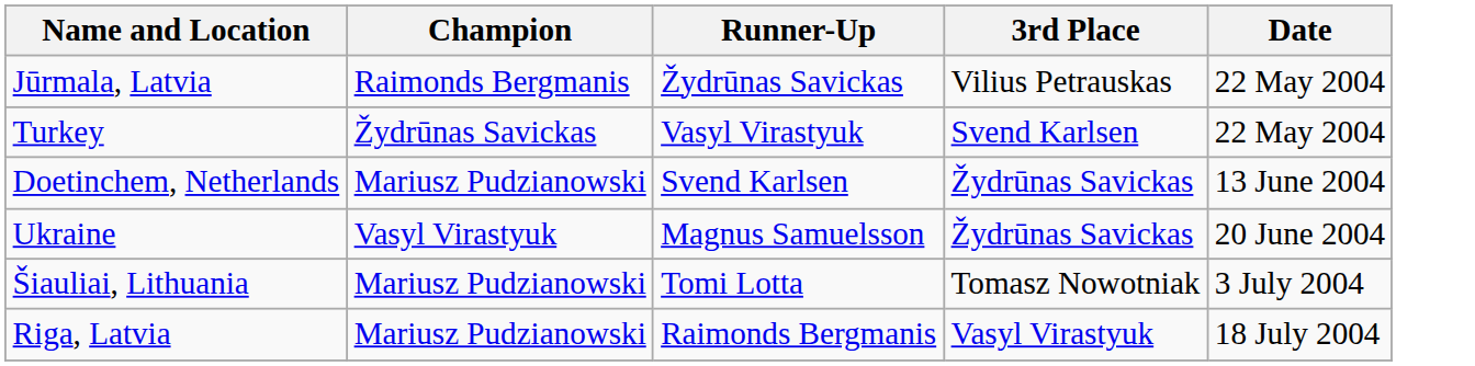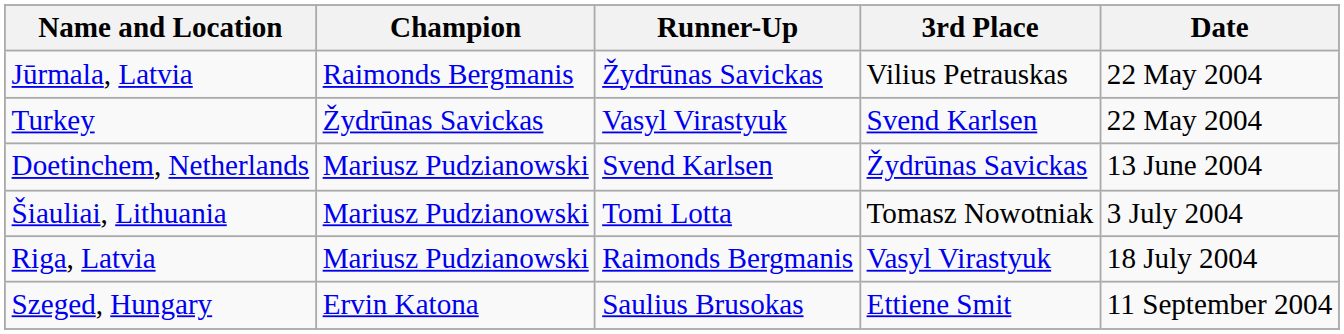 <table class="wikitable" style="display: inline-table">
 <tr>
 <th>Name and Location</th>
 <th>Champion</th>
 <th>Runner-Up</th>
 <th>3rd Place</th>
 <th>Date</th>
 </tr>
 <tr>
 <td> <a href='#'>Jūrmala</a>, <a href='#'>Latvia</a> <br> </td>
 <td> <a href='#'>Raimonds Bergmanis</a></td>
 <td> <a href='#'>Žydrūnas Savickas</a></td>
 <td> Vilius Petrauskas</td>
 <td>22 May 2004</td>
 </tr>
 <tr>
 <td> <a href='#'>Turkey</a> <br> </td>
 <td> <a href='#'>Žydrūnas Savickas</a></td>
 <td> <a href='#'>Vasyl Virastyuk</a></td>
 <td> <a href='#'>Svend Karlsen</a></td>
 <td>22 May 2004</td>
 </tr>
 <tr>
 <td> <a href='#'>Doetinchem</a>, <a href='#'>Netherlands</a> <br> </td>
 <td> <a href='#'>Mariusz Pudzianowski</a></td>
 <td> <a href='#'>Svend Karlsen</a></td>
 <td> <a href='#'>Žydrūnas Savickas</a></td>
 <td>13 June 2004</td>
 </tr>
 <tr>
-<td> <a href='#'>Ukraine</a> <br> </td>
-<td> <a href='#'>Vasyl Virastyuk</a></td>
-<td> <a href='#'>Magnus Samuelsson</a></td>
-<td> <a href='#'>Žydrūnas Savickas</a></td>
-<td>20 June 2004</td>
-</tr>
-<tr>
 <td> <a href='#'>Šiauliai</a>, <a href='#'>Lithuania</a> <br> </td>
 <td> <a href='#'>Mariusz Pudzianowski</a></td>
 <td> <a href='#'>Tomi Lotta</a></td>
 <td> Tomasz Nowotniak</td>
 <td>3 July 2004</td>
 </tr>
 <tr>
 <td> <a href='#'>Riga</a>, <a href='#'>Latvia</a> <br> </td>
 <td> <a href='#'>Mariusz Pudzianowski</a></td>
 <td> <a href='#'>Raimonds Bergmanis</a></td>
 <td> <a href='#'>Vasyl Virastyuk</a></td>
 <td>18 July 2004</td>
 </tr>
+<tr>
+<td> <a href='#'>Szeged</a>, <a href='#'>Hungary</a> <br> </td>
+<td> <a href='#'>Ervin Katona</a></td>
+<td> <a href='#'>Saulius Brusokas</a></td>
+<td> <a href='#'>Ettiene Smit</a></td>
+<td>11 September 2004</td>
+</tr>
 </table>
